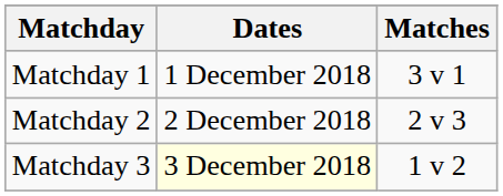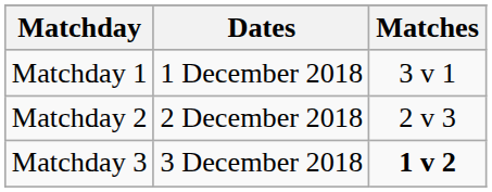 <table class="wikitable" style="text-align:center">
 <tr>
 </tr>
 <tr>
 <th>Matchday</th>
 <th>Dates</th>
 <th>Matches</th>
 </tr>
 <tr>
 <td>Matchday 1</td>
 <td>1 December 2018</td>
 <td>3 v 1</td>
 </tr>
 <tr>
 <td>Matchday 2</td>
 <td>2 December 2018</td>
 <td>2 v 3</td>
 </tr>
 <tr>
 <td>Matchday 3</td>
-<td style="background: lightyellow;">3 December 2018</td>
-<td>1 v 2</td>
+<td>3 December 2018</td>
+<td><strong>1 v 2</strong></td>
 </tr>
 </table>
